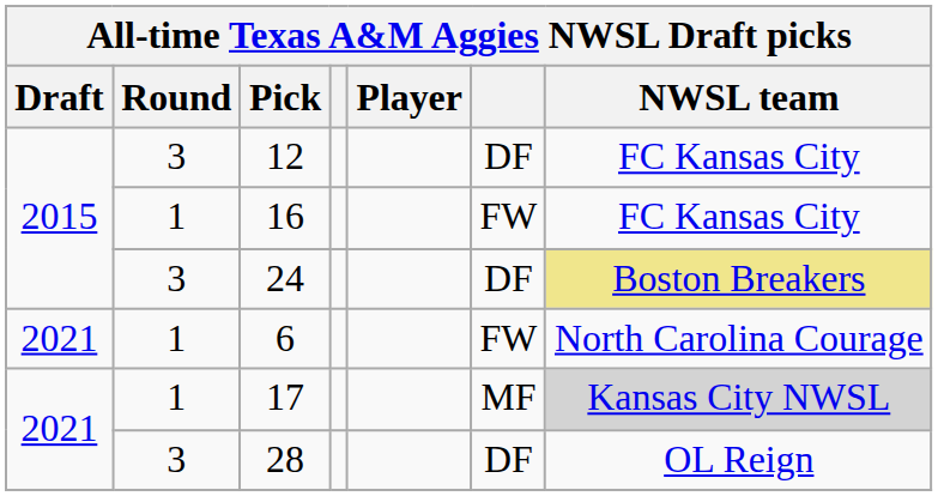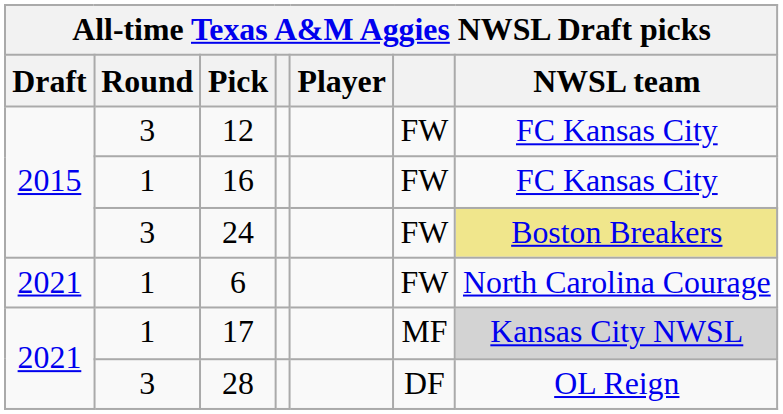 <table class="wikitable sortable" style="text-align: center;">
 <tr>
 <th colspan="7" style="background:#">All-time <a href='#'><span>Texas A&M Aggies</span></a> NWSL Draft picks</th>
 </tr>
 <tr>
 <th scope="col">Draft</th>
 <th scope="col">Round</th>
 <th scope="col">Pick</th>
 <th scope="col"></th>
 <th scope="col">Player</th>
 <th scope="col"></th>
 <th scope="col">NWSL team</th>
 </tr>
 <tr>
 <td rowspan="3"><a href='#'>2015</a></td>
 <td>3</td>
 <td>12</td>
 <td></td>
 <td></td>
-<td>DF</td>
+<td>FW</td>
 <td><a href='#'>FC Kansas City</a></td>
 </tr>
 <tr>
 <td>1</td>
 <td>16</td>
 <td></td>
 <td></td>
 <td>FW</td>
 <td><a href='#'>FC Kansas City</a></td>
 </tr>
 <tr>
 <td>3</td>
 <td>24</td>
 <td></td>
 <td></td>
-<td>DF</td>
+<td>FW</td>
 <td style="background: khaki;"><a href='#'>Boston Breakers</a></td>
 </tr>
 <tr>
 <td><a href='#'>2021</a></td>
 <td>1</td>
 <td>6</td>
 <td></td>
 <td></td>
 <td>FW</td>
 <td><a href='#'>North Carolina Courage</a></td>
 </tr>
 <tr>
 <td rowspan="2"><a href='#'>2021</a></td>
 <td>1</td>
 <td>17</td>
 <td></td>
 <td></td>
 <td>MF</td>
 <td style="background: lightgrey;"><a href='#'>Kansas City NWSL</a></td>
 </tr>
 <tr>
 <td>3</td>
 <td>28</td>
 <td></td>
 <td></td>
 <td>DF</td>
 <td><a href='#'>OL Reign</a></td>
 </tr>
 </table>
